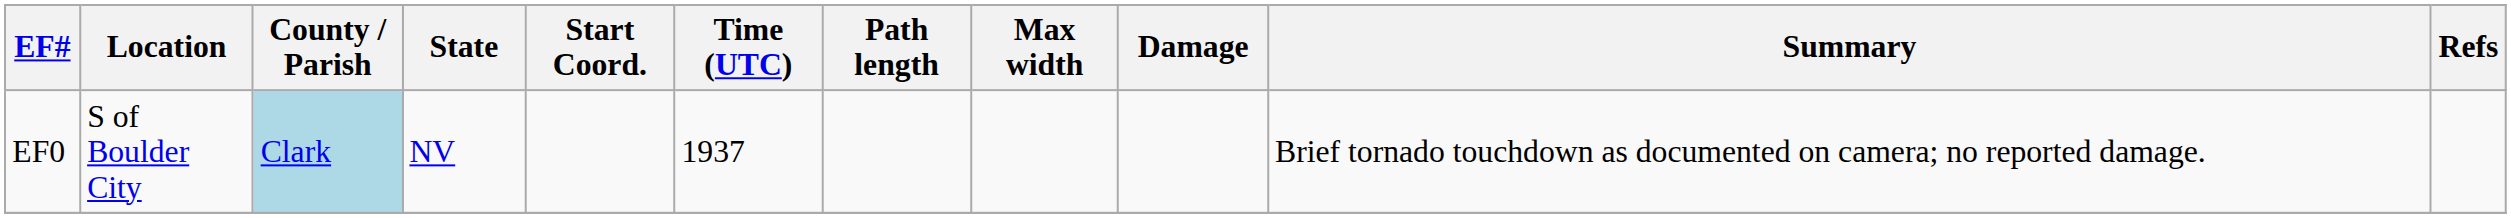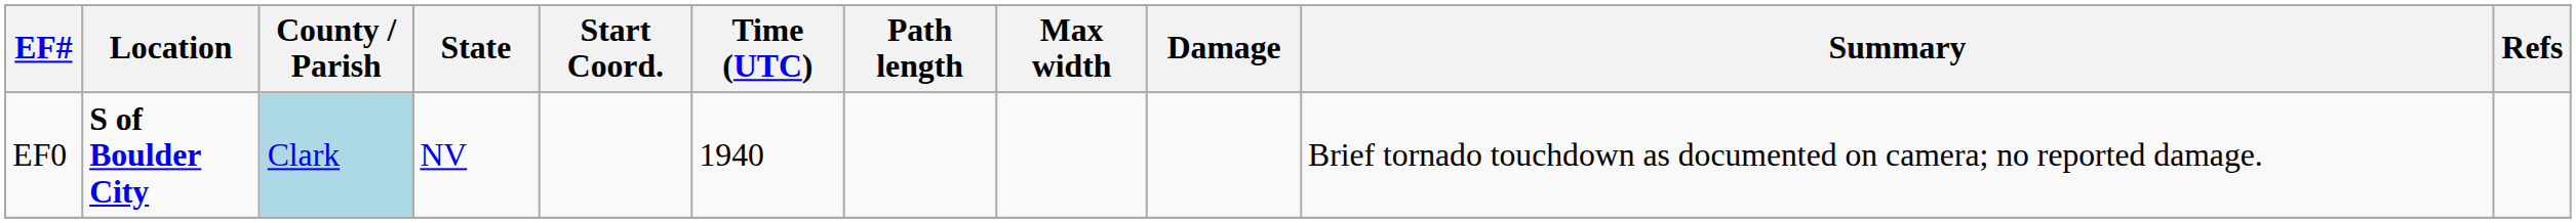 <table class="wikitable sortable" style="width:100%;">
 <tr>
 <th scope="col" width="3%" align="center"><a href='#'>EF#</a></th>
 <th scope="col" width="7%" align="center" class="unsortable">Location</th>
 <th scope="col" width="6%" align="center" class="unsortable">County / Parish</th>
 <th scope="col" width="5%" align="center">State</th>
 <th scope="col" width="6%" align="center">Start Coord.</th>
 <th scope="col" width="6%" align="center">Time (<a href='#'>UTC</a>)</th>
 <th scope="col" width="6%" align="center">Path length</th>
 <th scope="col" width="6%" align="center">Max width</th>
 <th scope="col" width="6%" align="center">Damage</th>
 <th scope="col" width="48%" class="unsortable" align="center">Summary</th>
 <th scope="col" width="48%" class="unsortable" align="center">Refs</th>
 </tr>
 <tr>
 <td>EF0</td>
-<td>S of <a href='#'>Boulder City</a></td>
+<td><strong>S of <a href='#'>Boulder City</a></strong></td>
 <td style="background: lightblue;"><a href='#'>Clark</a></td>
 <td><a href='#'>NV</a></td>
 <td></td>
-<td>1937</td>
+<td>1940</td>
 <td></td>
 <td></td>
 <td></td>
 <td>Brief tornado touchdown as documented on camera; no reported damage.</td>
 <td></td>
 </tr>
 <tr>
 </tr>
 </table>
